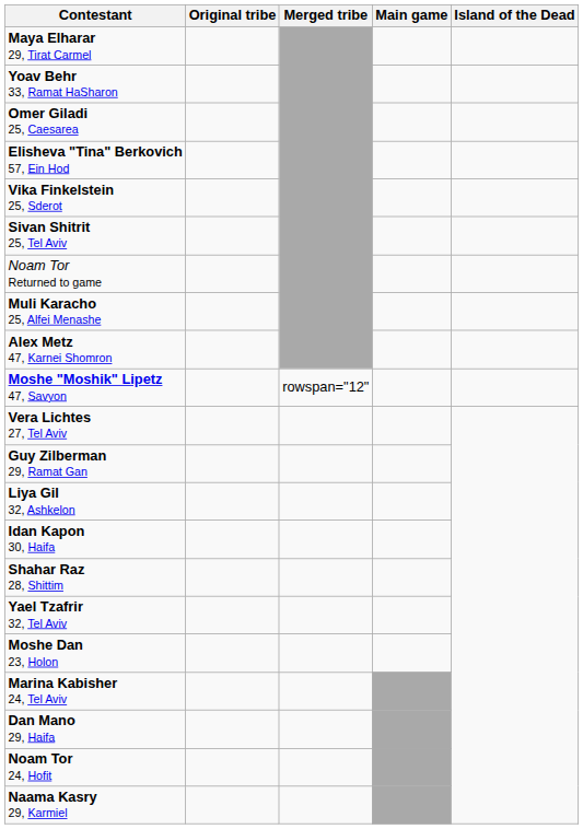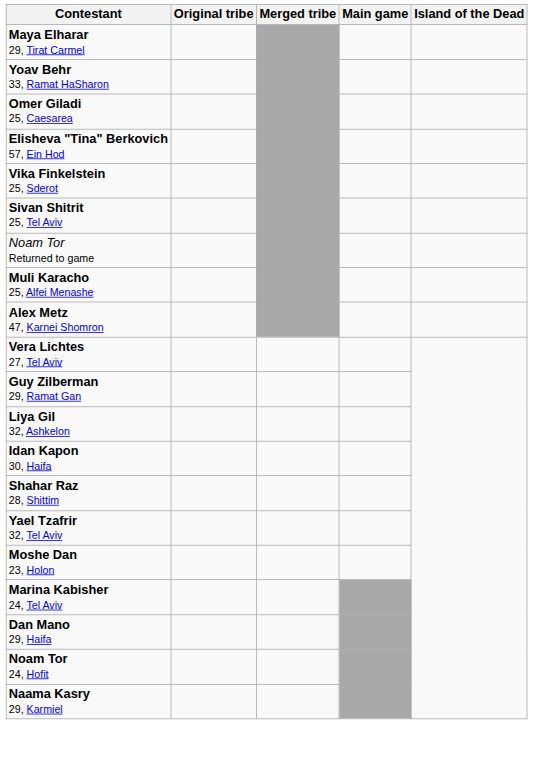 <table class="wikitable sortable nowrap" style="margin:auto; text-align:center">
 <tr>
 <th>Contestant</th>
 <th>Original tribe</th>
 <th>Merged tribe</th>
 <th>Main game</th>
 <th>Island of the Dead</th>
 </tr>
 <tr>
 <td align="left"><strong>Maya Elharar</strong><br><small>29, <a href='#'>Tirat Carmel</a></small></td>
 <td></td>
 <td rowspan="9" bgcolor=darkgrey></td>
 <td></td>
 <td></td>
 </tr>
 <tr>
 <td align="left"><strong>Yoav Behr</strong><br><small>33, <a href='#'>Ramat HaSharon</a></small></td>
 <td></td>
 <td></td>
 <td></td>
 </tr>
 <tr>
 <td align="left"><strong>Omer Giladi</strong><br><small>25, <a href='#'>Caesarea</a></small></td>
 <td></td>
 <td></td>
 <td></td>
 </tr>
 <tr>
 <td align="left"><strong>Elisheva "Tina" Berkovich</strong><br><small>57, <a href='#'>Ein Hod</a></small></td>
 <td></td>
 <td></td>
 <td></td>
 </tr>
 <tr>
 <td align="left"><strong>Vika Finkelstein</strong><br><small>25, <a href='#'>Sderot</a></small></td>
 <td></td>
 <td></td>
 <td></td>
 </tr>
 <tr>
 <td align="left"><strong>Sivan Shitrit</strong><br><small>25, <a href='#'>Tel Aviv</a></small></td>
 <td></td>
 <td></td>
 <td></td>
 </tr>
 <tr>
 <td align="left"><em>Noam Tor</em><br><small>Returned to game</small></td>
 <td></td>
 <td></td>
 <td></td>
 </tr>
 <tr>
 <td align="left"><strong>Muli Karacho</strong><br><small>25, <a href='#'>Alfei Menashe</a></small></td>
 <td></td>
 <td></td>
 <td></td>
 </tr>
 <tr>
 <td align="left"><strong>Alex Metz</strong><br><small>47, <a href='#'>Karnei Shomron</a></small></td>
 <td></td>
-<td></td>
-<td></td>
-</tr>
-<tr>
-<td align="left"><a href='#'><strong>Moshe "Moshik" Lipetz</strong></a><br><small>47, <a href='#'>Savyon</a></small></td>
-<td></td>
-<td>rowspan="12" </td>
 <td></td>
 <td></td>
 </tr>
 <tr>
 <td align="left"><strong>Vera Lichtes</strong><br><small>27, <a href='#'>Tel Aviv</a></small></td>
 <td></td>
 <td></td>
 <td></td>
 </tr>
 <tr>
 <td align="left"><strong>Guy Zilberman</strong><br><small>29, <a href='#'>Ramat Gan</a></small></td>
 <td></td>
 <td></td>
 <td></td>
 </tr>
 <tr>
 <td align="left"><strong>Liya Gil</strong><br><small>32, <a href='#'>Ashkelon</a></small></td>
 <td></td>
 <td></td>
 <td></td>
 </tr>
 <tr>
 <td align="left"><strong>Idan Kapon</strong><br><small>30, <a href='#'>Haifa</a></small></td>
 <td></td>
 <td></td>
 <td></td>
 </tr>
 <tr>
 <td align="left"><strong>Shahar Raz</strong><br><small>28, <a href='#'>Shittim</a></small></td>
 <td></td>
 <td></td>
 <td></td>
 </tr>
 <tr>
 <td align="left"><strong>Yael Tzafrir</strong><br><small>32, <a href='#'>Tel Aviv</a></small></td>
 <td></td>
 <td></td>
 <td></td>
 </tr>
 <tr>
 <td align="left"><strong>Moshe Dan</strong><br><small>23, <a href='#'>Holon</a></small></td>
 <td></td>
 <td></td>
 <td></td>
 </tr>
 <tr>
 <td align="left"><strong>Marina Kabisher</strong><br><small>24, <a href='#'>Tel Aviv</a></small></td>
 <td></td>
 <td></td>
 <td bgcolor=darkgrey></td>
 </tr>
 <tr>
 <td align="left"><strong>Dan Mano</strong><br><small>29, <a href='#'>Haifa</a></small></td>
 <td></td>
 <td></td>
 <td bgcolor=darkgrey></td>
 </tr>
 <tr>
 <td align="left"><strong>Noam Tor</strong><br><small>24, <a href='#'>Hofit</a></small></td>
 <td></td>
 <td></td>
 <td bgcolor=darkgrey></td>
 </tr>
 <tr>
 <td align="left"><strong>Naama Kasry</strong><br><small>29, <a href='#'>Karmiel</a></small></td>
 <td></td>
 <td></td>
 <td bgcolor=darkgrey></td>
 </tr>
 </table>
